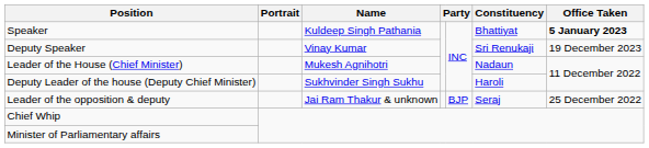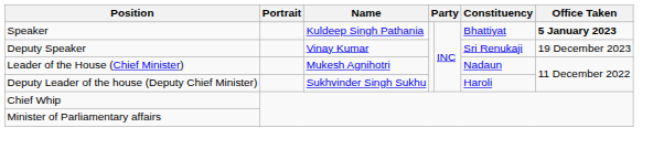 <table class="wikitable sortable">
 <tr>
 <th>Position</th>
 <th>Portrait</th>
 <th>Name</th>
 <th colspan="2">Party</th>
 <th>Constituency</th>
 <th>Office Taken</th>
 </tr>
 <tr>
 <td>Speaker</td>
 <td></td>
 <td><a href='#'>Kuldeep Singh Pathania</a></td>
 <td rowspan="4" style="background:"></td>
 <td rowspan="4"><a href='#'>INC</a></td>
 <td><a href='#'>Bhattiyat</a></td>
 <td><strong>5 January 2023</strong></td>
 </tr>
 <tr>
 <td>Deputy Speaker</td>
 <td></td>
 <td><a href='#'>Vinay Kumar</a></td>
 <td><a href='#'>Sri Renukaji</a></td>
 <td>19 December 2023</td>
 </tr>
 <tr>
 <td>Leader of the House (<a href='#'>Chief Minister</a>)</td>
 <td></td>
 <td><a href='#'>Mukesh Agnihotri</a></td>
 <td><a href='#'>Nadaun</a></td>
 <td rowspan="2">11 December 2022</td>
 </tr>
 <tr>
 <td>Deputy Leader of the house (Deputy Chief Minister)</td>
 <td></td>
 <td><a href='#'>Sukhvinder Singh Sukhu</a></td>
 <td><a href='#'>Haroli</a></td>
 </tr>
 <tr>
-<td>Leader of the opposition & deputy</td>
-<td></td>
-<td><a href='#'>Jai Ram Thakur</a>  & unknown</td>
-<td style="background:"></td>
-<td><a href='#'>BJP</a></td>
-<td><a href='#'>Seraj</a></td>
-<td>25 December 2022</td>
-</tr>
-<tr>
 <td>Chief Whip</td>
 </tr>
 <tr>
 <td>Minister of Parliamentary affairs</td>
 </tr>
 </table>
